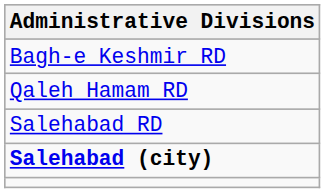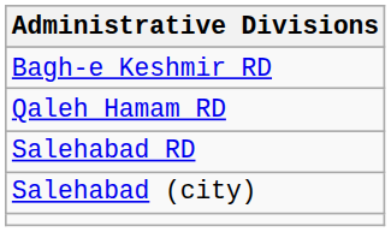 <table class="wikitable">
 <tr>
 <th>Administrative Divisions</th>
 </tr>
 <tr>
 <td><a href='#'>Bagh-e Keshmir RD</a></td>
 </tr>
 <tr>
 <td><a href='#'>Qaleh Hamam RD</a></td>
 </tr>
 <tr>
 <td><a href='#'>Salehabad RD</a></td>
 </tr>
 <tr>
-<td><strong><a href='#'>Salehabad</a> (city)</strong></td>
+<td><a href='#'>Salehabad</a> (city)</td>
 </tr>
 <tr>
 <td colspan=1></td>
 </tr>
 </table>
